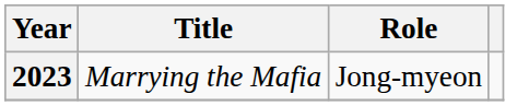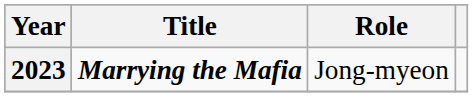 <table class="wikitable sortable plainrowheaders">
 <tr>
 <th scope="col">Year</th>
 <th scope="col">Title</th>
 <th scope="col">Role</th>
 <th scope="col" class="unsortable"></th>
 </tr>
 <tr>
 <th scope="row">2023</th>
-<td><em>Marrying the Mafia</em></td>
+<td><strong><em>Marrying the Mafia</em></strong></td>
 <td>Jong-myeon</td>
 <td style="text-align:center"></td>
 </tr>
 <tr>
 </tr>
 </table>
